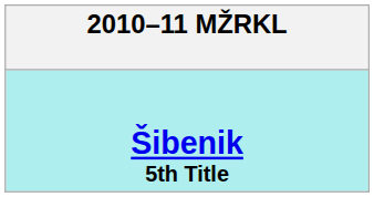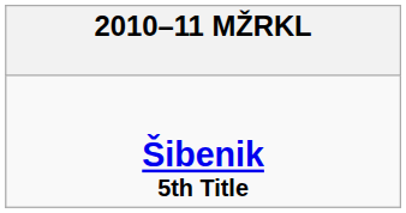 <table class="wikitable" style="margin: 0 auto; width: 30%;">
 <tr>
 <th><big>2010–11 MŽRKL</big><br><br></th>
 </tr>
 <tr>
-<td align=center style="background: paleturquoise;"><br><br><big><big><strong><a href='#'>Šibenik</a></strong><br></big></big><strong>5th Title</strong></td>
+<td align=center><br><br><big><big><strong><a href='#'>Šibenik</a></strong><br></big></big><strong>5th Title</strong></td>
 </tr>
 </table>
